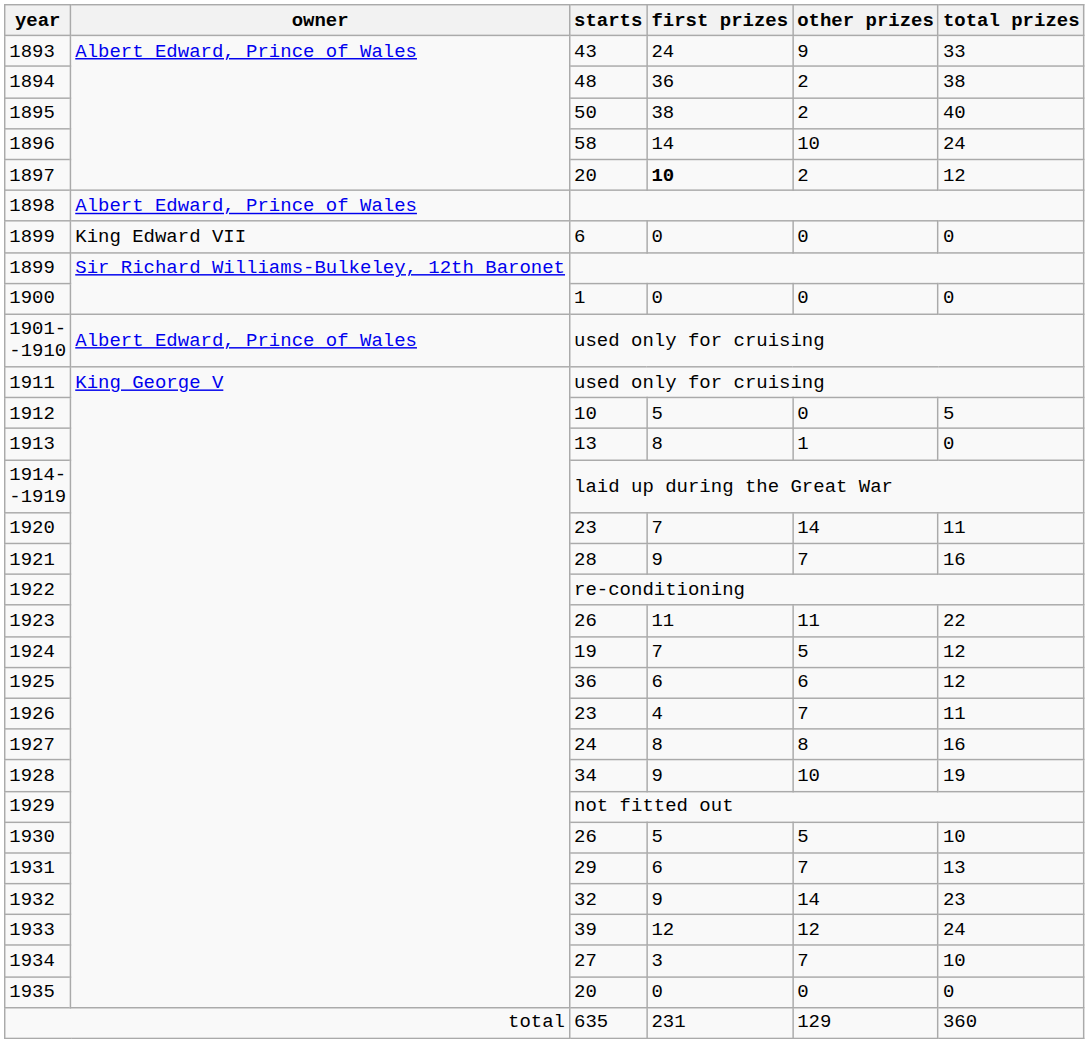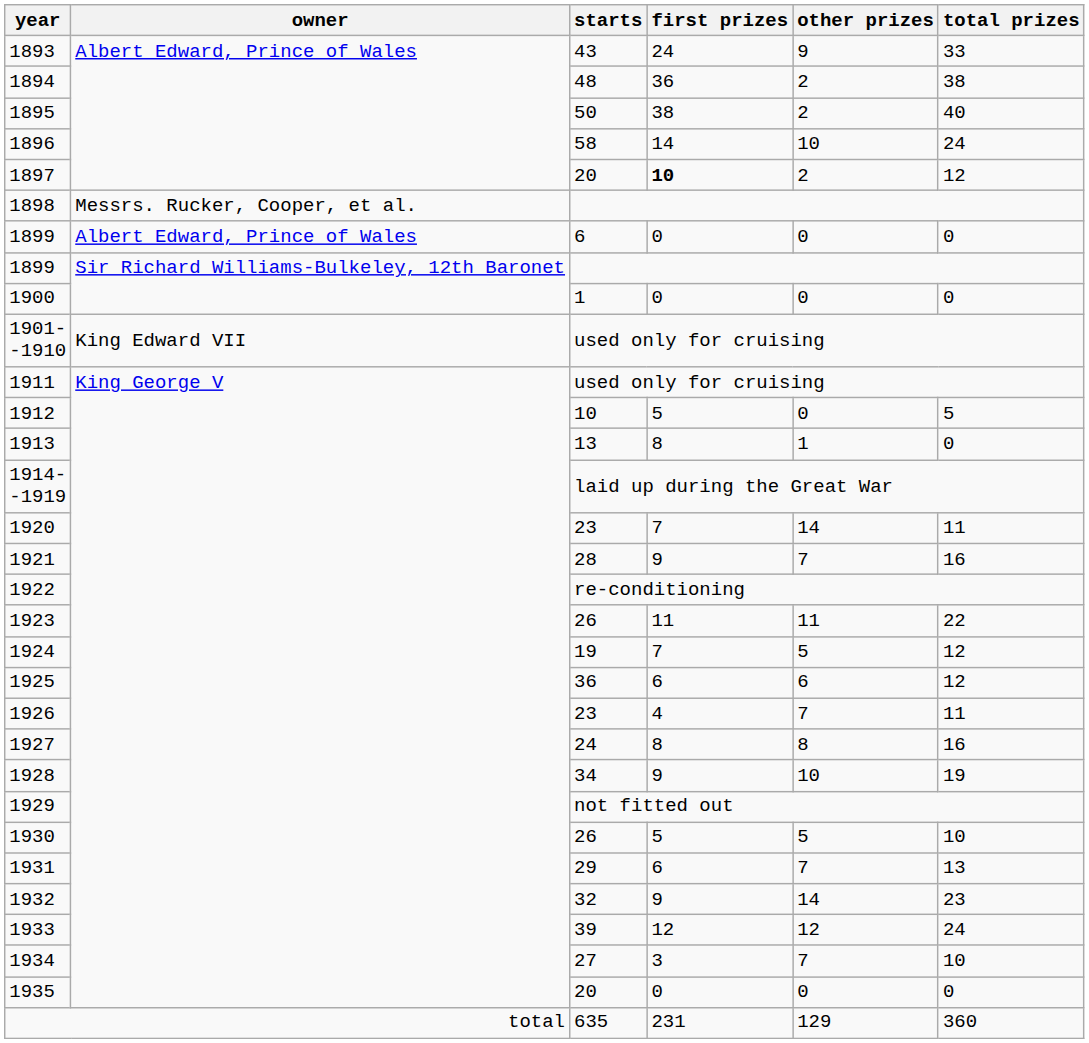 <table class=wikitable style=font-family:arial:font-size:11px>
 <tr>
 <th>year</th>
 <th>owner</th>
 <th>starts</th>
 <th>first prizes</th>
 <th>other prizes</th>
 <th>total prizes</th>
 </tr>
 <tr>
 <td>1893</td>
 <td rowspan=5 valign=top><a href='#'>Albert Edward, Prince of Wales</a></td>
 <td>43</td>
 <td>24</td>
 <td>9</td>
 <td>33</td>
 </tr>
 <tr>
 <td>1894</td>
 <td>48</td>
 <td>36</td>
 <td>2</td>
 <td>38</td>
 </tr>
 <tr>
 <td>1895</td>
 <td>50</td>
 <td>38</td>
 <td>2</td>
 <td>40</td>
 </tr>
 <tr>
 <td>1896</td>
 <td>58</td>
 <td>14</td>
 <td>10</td>
 <td>24</td>
 </tr>
 <tr>
 <td>1897</td>
 <td>20</td>
 <td><strong>10</strong></td>
 <td>2</td>
 <td>12</td>
 </tr>
 <tr>
 <td>1898</td>
-<td><a href='#'>Albert Edward, Prince of Wales</a></td>
+<td>Messrs. Rucker, Cooper, et al.</td>
 </tr>
 <tr>
 <td>1899</td>
-<td>King Edward VII</td>
+<td><a href='#'>Albert Edward, Prince of Wales</a></td>
 <td>6</td>
 <td>0</td>
 <td>0</td>
 <td>0</td>
 </tr>
 <tr>
 <td>1899</td>
 <td rowspan=2 valign=top><a href='#'>Sir Richard Williams-Bulkeley, 12th Baronet</a></td>
 </tr>
 <tr>
 <td>1900</td>
 <td>1</td>
 <td>0</td>
 <td>0</td>
 <td>0</td>
 </tr>
 <tr>
 <td>1901-<br>-1910</td>
-<td><a href='#'>Albert Edward, Prince of Wales</a></td>
+<td>King Edward VII</td>
 <td colspan=4>used only for cruising</td>
 </tr>
 <tr>
 <td>1911</td>
 <td rowspan=20 valign=top><a href='#'>King George V</a></td>
 <td colspan=4>used only for cruising</td>
 </tr>
 <tr>
 <td>1912</td>
 <td>10</td>
 <td>5</td>
 <td>0</td>
 <td>5</td>
 </tr>
 <tr>
 <td>1913</td>
 <td>13</td>
 <td>8</td>
 <td>1</td>
 <td>0</td>
 </tr>
 <tr>
 <td>1914-<br>-1919</td>
 <td colspan=4>laid up during the Great War</td>
 </tr>
 <tr>
 <td>1920</td>
 <td>23</td>
 <td>7</td>
 <td>14</td>
 <td>11</td>
 </tr>
 <tr>
 <td>1921</td>
 <td>28</td>
 <td>9</td>
 <td>7</td>
 <td>16</td>
 </tr>
 <tr>
 <td>1922</td>
 <td colspan=4>re-conditioning</td>
 </tr>
 <tr>
 <td>1923</td>
 <td>26</td>
 <td>11</td>
 <td>11</td>
 <td>22</td>
 </tr>
 <tr>
 <td>1924</td>
 <td>19</td>
 <td>7</td>
 <td>5</td>
 <td>12</td>
 </tr>
 <tr>
 <td>1925</td>
 <td>36</td>
 <td>6</td>
 <td>6</td>
 <td>12</td>
 </tr>
 <tr>
 <td>1926</td>
 <td>23</td>
 <td>4</td>
 <td>7</td>
 <td>11</td>
 </tr>
 <tr>
 <td>1927</td>
 <td>24</td>
 <td>8</td>
 <td>8</td>
 <td>16</td>
 </tr>
 <tr>
 <td>1928</td>
 <td>34</td>
 <td>9</td>
 <td>10</td>
 <td>19</td>
 </tr>
 <tr>
 <td>1929</td>
 <td colspan=4>not fitted out</td>
 </tr>
 <tr>
 <td>1930</td>
 <td>26</td>
 <td>5</td>
 <td>5</td>
 <td>10</td>
 </tr>
 <tr>
 <td>1931</td>
 <td>29</td>
 <td>6</td>
 <td>7</td>
 <td>13</td>
 </tr>
 <tr>
 <td>1932</td>
 <td>32</td>
 <td>9</td>
 <td>14</td>
 <td>23</td>
 </tr>
 <tr>
 <td>1933</td>
 <td>39</td>
 <td>12</td>
 <td>12</td>
 <td>24</td>
 </tr>
 <tr>
 <td>1934</td>
 <td>27</td>
 <td>3</td>
 <td>7</td>
 <td>10</td>
 </tr>
 <tr>
 <td>1935</td>
 <td>20</td>
 <td>0</td>
 <td>0</td>
 <td>0</td>
 </tr>
 <tr>
 <td colspan=2 align=right>total</td>
 <td>635</td>
 <td>231</td>
 <td>129</td>
 <td>360</td>
 </tr>
 </table>
